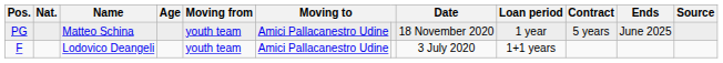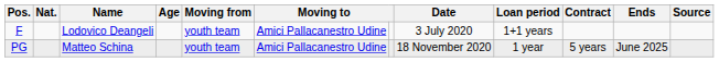 <table class="wikitable sortable">
 <tr>
 <th>Pos.</th>
 <th>Nat.</th>
 <th>Name</th>
 <th>Age</th>
 <th>Moving from</th>
 <th colspan=2>Moving to</th>
 <th>Date</th>
 <th>Loan period</th>
 <th>Contract</th>
 <th>Ends</th>
 <th>Source</th>
+</tr>
+<tr>
+<td style="text-align: center;"><a href='#'>F</a></td>
+<td style="text-align: center;"></td>
+<td><a href='#'>Lodovico Deangeli</a></td>
+<td style="text-align: center;"></td>
+<td><a href='#'>youth team</a></td>
+<td><a href='#'>Amici Pallacanestro Udine</a></td>
+<td style="text-align: center;"></td>
+<td style="text-align: center;">3 July 2020</td>
+<td style="text-align: center;">1+1 years</td>
+<td></td>
+<td></td>
+<td style="text-align: center;"></td>
 </tr>
 <tr style="background-color: #ededed;">
 <td style="text-align: center;"><a href='#'>PG</a></td>
 <td style="text-align: center;"></td>
 <td><a href='#'>Matteo Schina</a></td>
 <td style="text-align: center;"></td>
 <td><a href='#'>youth team</a></td>
 <td><a href='#'>Amici Pallacanestro Udine</a></td>
 <td style="text-align: center;"></td>
 <td style="text-align: center;">18 November 2020</td>
 <td style="text-align: center;">1 year</td>
 <td style="text-align: center;">5 years</td>
 <td style="text-align: center;">June 2025</td>
 <td style="text-align: center;"></td>
 </tr>
-<tr>
-<td style="text-align: center;"><a href='#'>F</a></td>
-<td style="text-align: center;"></td>
-<td><a href='#'>Lodovico Deangeli</a></td>
-<td style="text-align: center;"></td>
-<td><a href='#'>youth team</a></td>
-<td><a href='#'>Amici Pallacanestro Udine</a></td>
-<td style="text-align: center;"></td>
-<td style="text-align: center;">3 July 2020</td>
-<td style="text-align: center;">1+1 years</td>
-<td></td>
-<td></td>
-<td style="text-align: center;"></td>
-</tr>
 </table>
